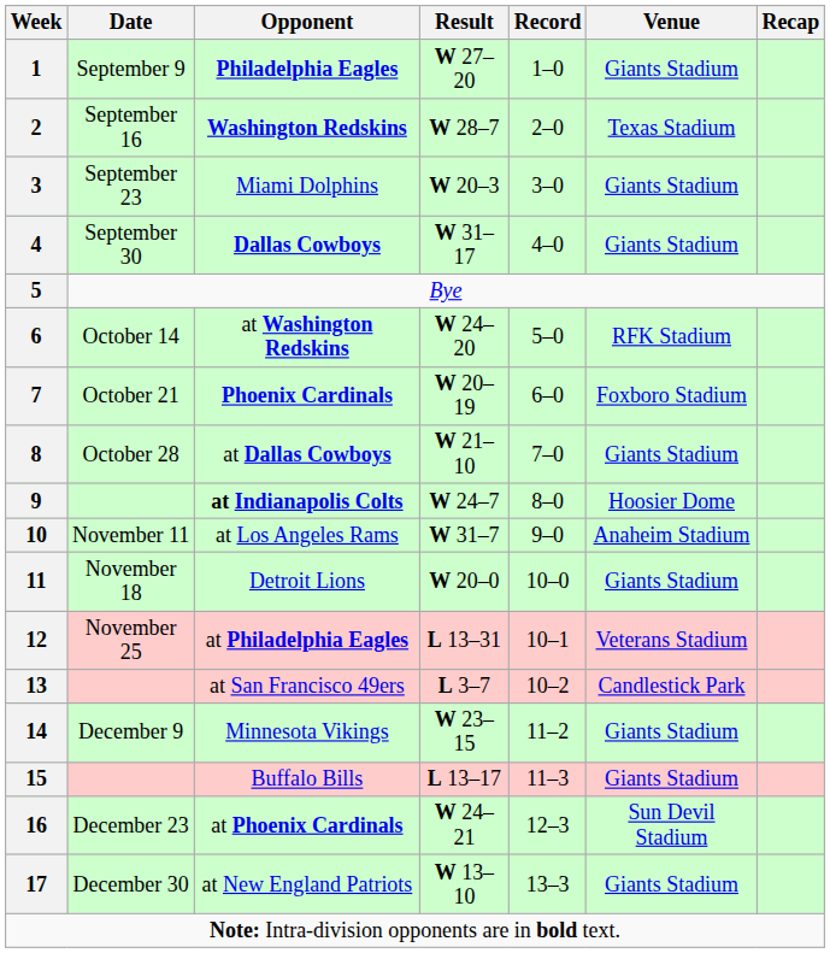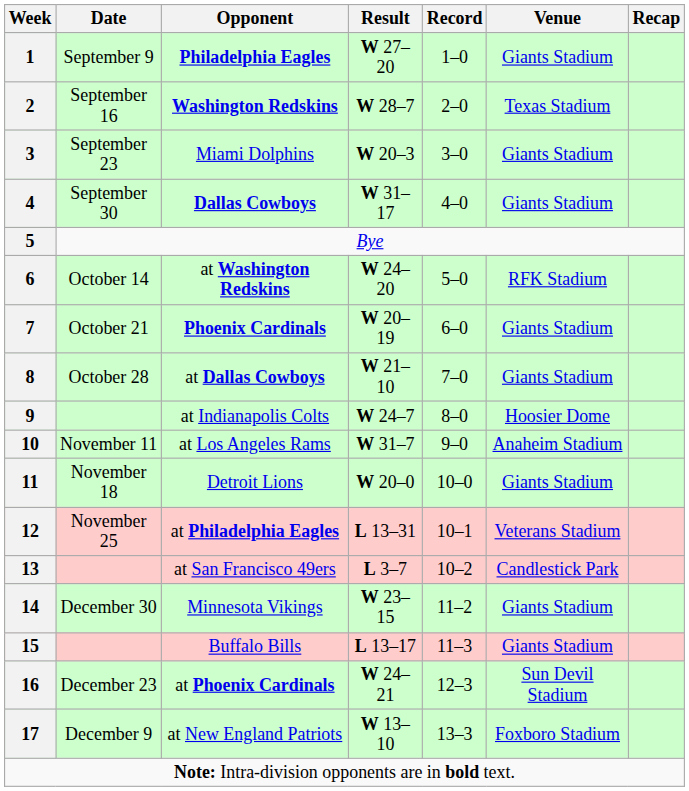 <table class="wikitable" style="text-align:center">
 <tr>
 <th>Week</th>
 <th>Date</th>
 <th>Opponent</th>
 <th>Result</th>
 <th>Record</th>
 <th>Venue</th>
 <th>Recap</th>
 </tr>
 <tr style="background: #cfc;">
 <th>1</th>
 <td>September 9</td>
 <td><strong><a href='#'>Philadelphia Eagles</a></strong></td>
 <td><strong>W</strong> 27–20</td>
 <td>1–0</td>
 <td><a href='#'>Giants Stadium</a></td>
 <td></td>
 </tr>
 <tr style="background: #cfc;">
 <th>2</th>
 <td>September 16</td>
 <td><strong><a href='#'>Washington Redskins</a></strong></td>
 <td><strong>W</strong> 28–7</td>
 <td>2–0</td>
 <td><a href='#'>Texas Stadium</a></td>
 <td></td>
 </tr>
 <tr style="background: #cfc;">
 <th>3</th>
 <td>September 23</td>
 <td><a href='#'>Miami Dolphins</a></td>
 <td><strong>W</strong> 20–3</td>
 <td>3–0</td>
 <td><a href='#'>Giants Stadium</a></td>
 <td></td>
 </tr>
 <tr style="background: #cfc;">
 <th>4</th>
 <td>September 30</td>
 <td><strong><a href='#'>Dallas Cowboys</a></strong></td>
 <td><strong>W</strong> 31–17</td>
 <td>4–0</td>
 <td><a href='#'>Giants Stadium</a></td>
 <td></td>
 </tr>
 <tr style="background:;">
 <th>5</th>
 <td colspan=7 align=center><em><a href='#'>Bye</a></em></td>
 </tr>
 <tr style="background: #cfc;">
 <th>6</th>
 <td>October 14</td>
 <td>at <strong><a href='#'>Washington Redskins</a></strong></td>
 <td><strong>W</strong> 24–20</td>
 <td>5–0</td>
 <td><a href='#'>RFK Stadium</a></td>
 <td></td>
 </tr>
 <tr style="background: #cfc;">
 <th>7</th>
 <td>October 21</td>
 <td><strong><a href='#'>Phoenix Cardinals</a></strong></td>
 <td><strong>W</strong> 20–19</td>
 <td>6–0</td>
-<td><a href='#'>Foxboro Stadium</a></td>
+<td><a href='#'>Giants Stadium</a></td>
 <td></td>
 </tr>
 <tr style="background: #cfc;">
 <th>8</th>
 <td>October 28</td>
 <td>at <strong><a href='#'>Dallas Cowboys</a></strong></td>
 <td><strong>W</strong> 21–10</td>
 <td>7–0</td>
 <td><a href='#'>Giants Stadium</a></td>
 <td></td>
 </tr>
 <tr style="background: #cfc;">
 <th>9</th>
 <td></td>
-<td><strong>at <a href='#'>Indianapolis Colts</a></strong></td>
+<td>at <a href='#'>Indianapolis Colts</a></td>
 <td><strong>W</strong> 24–7</td>
 <td>8–0</td>
 <td><a href='#'>Hoosier Dome</a></td>
 <td></td>
 </tr>
 <tr style="background: #cfc;">
 <th>10</th>
 <td>November 11</td>
 <td>at <a href='#'>Los Angeles Rams</a></td>
 <td><strong>W</strong> 31–7</td>
 <td>9–0</td>
 <td><a href='#'>Anaheim Stadium</a></td>
 <td></td>
 </tr>
 <tr style="background: #cfc;">
 <th>11</th>
 <td>November 18</td>
 <td><a href='#'>Detroit Lions</a></td>
 <td><strong>W</strong> 20–0</td>
 <td>10–0</td>
 <td><a href='#'>Giants Stadium</a></td>
 <td></td>
 </tr>
 <tr style="background: #fcc;">
 <th>12</th>
 <td>November 25</td>
 <td>at <strong><a href='#'>Philadelphia Eagles</a></strong></td>
 <td><strong>L</strong> 13–31</td>
 <td>10–1</td>
 <td><a href='#'>Veterans Stadium</a></td>
 <td></td>
 </tr>
 <tr style="background: #fcc;">
 <th>13</th>
 <td></td>
 <td>at <a href='#'>San Francisco 49ers</a></td>
 <td><strong>L</strong> 3–7</td>
 <td>10–2</td>
 <td><a href='#'>Candlestick Park</a></td>
 <td></td>
 </tr>
 <tr style="background: #cfc;">
 <th>14</th>
-<td>December 9</td>
+<td>December 30</td>
 <td><a href='#'>Minnesota Vikings</a></td>
 <td><strong>W</strong> 23–15</td>
 <td>11–2</td>
 <td><a href='#'>Giants Stadium</a></td>
 <td></td>
 </tr>
 <tr style="background: #fcc;">
 <th>15</th>
 <td></td>
 <td><a href='#'>Buffalo Bills</a></td>
 <td><strong>L</strong> 13–17</td>
 <td>11–3</td>
 <td><a href='#'>Giants Stadium</a></td>
 <td></td>
 </tr>
 <tr style="background: #cfc;">
 <th>16</th>
 <td>December 23</td>
 <td>at <strong><a href='#'>Phoenix Cardinals</a></strong></td>
 <td><strong>W</strong> 24–21</td>
 <td>12–3</td>
 <td><a href='#'>Sun Devil Stadium</a></td>
 <td></td>
 </tr>
 <tr style="background: #cfc;">
 <th>17</th>
-<td>December 30</td>
+<td>December 9</td>
 <td>at <a href='#'>New England Patriots</a></td>
 <td><strong>W</strong> 13–10</td>
 <td>13–3</td>
-<td><a href='#'>Giants Stadium</a></td>
+<td><a href='#'>Foxboro Stadium</a></td>
 <td></td>
 </tr>
 <tr>
 <td colspan="8"><strong>Note:</strong> Intra-division opponents are in <strong>bold</strong> text.</td>
 </tr>
 </table>
